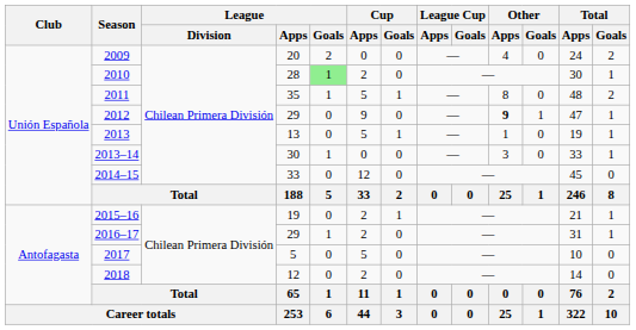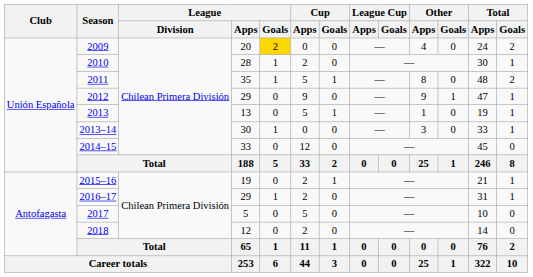 <table class="wikitable" style="text-align: center">
 <tr>
 <th rowspan=2>Club</th>
 <th rowspan=2>Season</th>
 <th colspan=3>League</th>
 <th colspan=2>Cup</th>
 <th colspan=2>League Cup</th>
 <th colspan=2>Other</th>
 <th colspan=2>Total</th>
 </tr>
 <tr>
 <th>Division</th>
 <th>Apps</th>
 <th>Goals</th>
 <th>Apps</th>
 <th>Goals</th>
 <th>Apps</th>
 <th>Goals</th>
 <th>Apps</th>
 <th>Goals</th>
 <th>Apps</th>
 <th>Goals</th>
 </tr>
 <tr>
 <td rowspan=8><a href='#'>Unión Española</a></td>
 <td><a href='#'>2009</a></td>
 <td rowspan=7><a href='#'>Chilean Primera División</a></td>
 <td>20</td>
-<td>2</td>
+<td style="background: gold;">2</td>
 <td>0</td>
 <td>0</td>
 <td colspan=2>—</td>
 <td>4</td>
 <td>0</td>
 <td>24</td>
 <td>2</td>
 </tr>
 <tr>
 <td><a href='#'>2010</a></td>
 <td>28</td>
-<td style="background: lightgreen;">1</td>
+<td>1</td>
 <td>2</td>
 <td>0</td>
 <td colspan=4>—</td>
 <td>30</td>
 <td>1</td>
 </tr>
 <tr>
 <td><a href='#'>2011</a></td>
 <td>35</td>
 <td>1</td>
 <td>5</td>
 <td>1</td>
 <td colspan=2>—</td>
 <td>8</td>
 <td>0</td>
 <td>48</td>
 <td>2</td>
 </tr>
 <tr>
 <td><a href='#'>2012</a></td>
 <td>29</td>
 <td>0</td>
 <td>9</td>
 <td>0</td>
 <td colspan=2>—</td>
-<td><strong>9</strong></td>
+<td>9</td>
 <td>1</td>
 <td>47</td>
 <td>1</td>
 </tr>
 <tr>
 <td><a href='#'>2013</a></td>
 <td>13</td>
 <td>0</td>
 <td>5</td>
 <td>1</td>
 <td colspan=2>—</td>
 <td>1</td>
 <td>0</td>
 <td>19</td>
 <td>1</td>
 </tr>
 <tr>
 <td><a href='#'>2013–14</a></td>
 <td>30</td>
 <td>1</td>
 <td>0</td>
 <td>0</td>
 <td colspan=2>—</td>
 <td>3</td>
 <td>0</td>
 <td>33</td>
 <td>1</td>
 </tr>
 <tr>
 <td><a href='#'>2014–15</a></td>
 <td>33</td>
 <td>0</td>
 <td>12</td>
 <td>0</td>
 <td colspan=4>—</td>
 <td>45</td>
 <td>0</td>
 </tr>
 <tr>
 <th colspan=2>Total</th>
 <th>188</th>
 <th>5</th>
 <th>33</th>
 <th>2</th>
 <th>0</th>
 <th>0</th>
 <th>25</th>
 <th>1</th>
 <th>246</th>
 <th>8</th>
 </tr>
 <tr>
 <td rowspan="5"><a href='#'>Antofagasta</a></td>
 <td><a href='#'>2015–16</a></td>
 <td rowspan=4>Chilean Primera División</td>
 <td>19</td>
 <td>0</td>
 <td>2</td>
 <td>1</td>
 <td colspan="4">—</td>
 <td>21</td>
 <td>1</td>
 </tr>
 <tr>
 <td><a href='#'>2016–17</a></td>
 <td>29</td>
 <td>1</td>
 <td>2</td>
 <td>0</td>
 <td colspan=4>—</td>
 <td>31</td>
 <td>1</td>
 </tr>
 <tr>
 <td><a href='#'>2017</a></td>
 <td>5</td>
 <td>0</td>
 <td>5</td>
 <td>0</td>
 <td colspan=4>—</td>
 <td>10</td>
 <td>0</td>
 </tr>
 <tr>
 <td><a href='#'>2018</a></td>
 <td>12</td>
 <td>0</td>
 <td>2</td>
 <td>0</td>
 <td colspan=4>—</td>
 <td>14</td>
 <td>0</td>
 </tr>
 <tr>
 <th colspan=2>Total</th>
 <th>65</th>
 <th>1</th>
 <th>11</th>
 <th>1</th>
 <th>0</th>
 <th>0</th>
 <th>0</th>
 <th>0</th>
 <th>76</th>
 <th>2</th>
 </tr>
 <tr>
 <th colspan=3>Career totals</th>
 <th>253</th>
 <th>6</th>
 <th>44</th>
 <th>3</th>
 <th>0</th>
 <th>0</th>
 <th>25</th>
 <th>1</th>
 <th>322</th>
 <th>10</th>
 </tr>
 </table>
